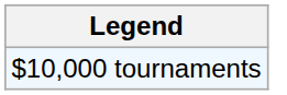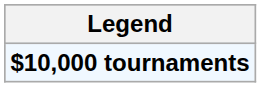 <table class="wikitable" style="font-size:90%;">
 <tr>
 <th>Legend</th>
 </tr>
 <tr bgcolor="#f0f8ff">
-<td>$10,000 tournaments</td>
+<td><strong>$10,000 tournaments</strong></td>
 </tr>
 </table>
